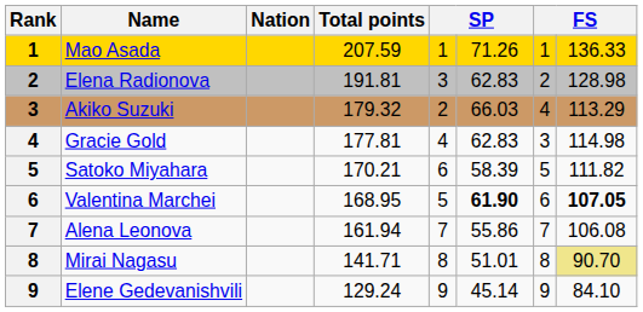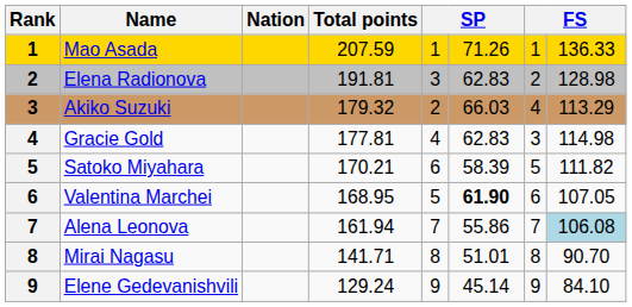 <table class="wikitable sortable">
 <tr>
 <th>Rank</th>
 <th>Name</th>
 <th>Nation</th>
 <th>Total points</th>
 <th colspan="2" width="80px"><a href='#'>SP</a></th>
 <th colspan="2" width="80px"><a href='#'>FS</a></th>
 </tr>
 <tr bgcolor="gold">
 <td align="center"><strong>1</strong></td>
 <td><a href='#'>Mao Asada</a></td>
 <td></td>
 <td align="center">207.59</td>
 <td align="center">1</td>
 <td align="center">71.26</td>
 <td align="center">1</td>
 <td align="center">136.33</td>
 </tr>
 <tr bgcolor="silver">
 <td align="center"><strong>2</strong></td>
 <td><a href='#'>Elena Radionova</a></td>
 <td></td>
 <td align="center">191.81</td>
 <td align="center">3</td>
 <td align="center">62.83</td>
 <td align="center">2</td>
 <td align="center">128.98</td>
 </tr>
 <tr bgcolor="cc9966">
 <td align="center"><strong>3</strong></td>
 <td><a href='#'>Akiko Suzuki</a></td>
 <td></td>
 <td align="center">179.32</td>
 <td align="center">2</td>
 <td align="center">66.03</td>
 <td align="center">4</td>
 <td align="center">113.29</td>
 </tr>
 <tr>
 <th>4</th>
 <td><a href='#'>Gracie Gold</a></td>
 <td></td>
 <td align="center">177.81</td>
 <td align="center">4</td>
 <td align="center">62.83</td>
 <td align="center">3</td>
 <td align="center">114.98</td>
 </tr>
 <tr>
 <th>5</th>
 <td><a href='#'>Satoko Miyahara</a></td>
 <td></td>
 <td align="center">170.21</td>
 <td align="center">6</td>
 <td align="center">58.39</td>
 <td align="center">5</td>
 <td align="center">111.82</td>
 </tr>
 <tr>
 <th>6</th>
 <td><a href='#'>Valentina Marchei</a></td>
 <td></td>
 <td align="center">168.95</td>
 <td align="center">5</td>
 <td align="center"><strong>61.90</strong></td>
 <td align="center">6</td>
-<td align="center"><strong>107.05</strong></td>
+<td align="center">107.05</td>
 </tr>
 <tr>
 <th>7</th>
 <td><a href='#'>Alena Leonova</a></td>
 <td></td>
 <td align="center">161.94</td>
 <td align="center">7</td>
 <td align="center">55.86</td>
 <td align="center">7</td>
-<td align="center">106.08</td>
+<td align="center" style="background: lightblue;">106.08</td>
 </tr>
 <tr>
 <th>8</th>
 <td><a href='#'>Mirai Nagasu</a></td>
 <td></td>
 <td align="center">141.71</td>
 <td align="center">8</td>
 <td align="center">51.01</td>
 <td align="center">8</td>
-<td align="center" style="background: khaki;">90.70</td>
+<td align="center">90.70</td>
 </tr>
 <tr>
 <th>9</th>
 <td><a href='#'>Elene Gedevanishvili</a></td>
 <td></td>
 <td align="center">129.24</td>
 <td align="center">9</td>
 <td align="center">45.14</td>
 <td align="center">9</td>
 <td align="center">84.10</td>
 </tr>
 </table>
